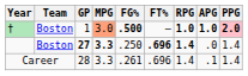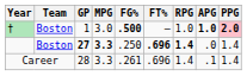 <table class="wikitable sortable" style="font-size:95%; text-align:right;">
 <tr>
 <th>Year</th>
 <th>Team</th>
 <th>GP</th>
 <th>MPG</th>
 <th>FG%</th>
 <th>FT%</th>
 <th>RPG</th>
 <th>APG</th>
 <th>PPG</th>
 </tr>
 <tr>
 <td style="text-align:left;background:#afe6ba;">†</td>
 <td style="text-align:left;"><a href='#'>Boston</a></td>
 <td>1</td>
-<td style="background: lightsalmon;">3.0</td>
+<td>3.0</td>
 <td><strong>.500</strong></td>
 <td>–</td>
-<td><strong>1.0</strong></td>
+<td>1.0</td>
 <td><strong>1.0</strong></td>
 <td style="background: pink;"><strong>2.0</strong></td>
 </tr>
 <tr>
 <td style="text-align:left;"></td>
 <td style="text-align:left;"><a href='#'>Boston</a></td>
 <td><strong>27</strong></td>
 <td><strong>3.3</strong></td>
 <td>.250</td>
 <td><strong>.696</strong></td>
 <td><strong>1.4</strong></td>
 <td>.0</td>
 <td>1.4</td>
 </tr>
 <tr class="sortbottom">
 <td style="text-align:center;" colspan="2">Career</td>
 <td>28</td>
 <td>3.3</td>
 <td>.261</td>
 <td>.696</td>
 <td>1.4</td>
 <td>.1</td>
 <td>1.4</td>
 </tr>
 </table>
